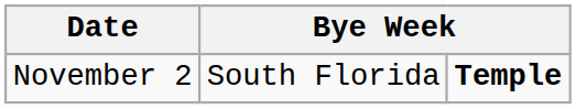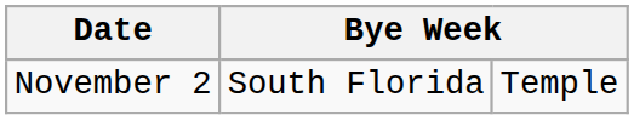 <table class="wikitable" style="font-size:95%;">
 <tr>
 <th>Date</th>
 <th colspan="3">Bye Week</th>
 </tr>
 <tr>
 <td>November 2</td>
 <td>South Florida</td>
-<td><strong>Temple</strong></td>
+<td>Temple</td>
 </tr>
 </table>
